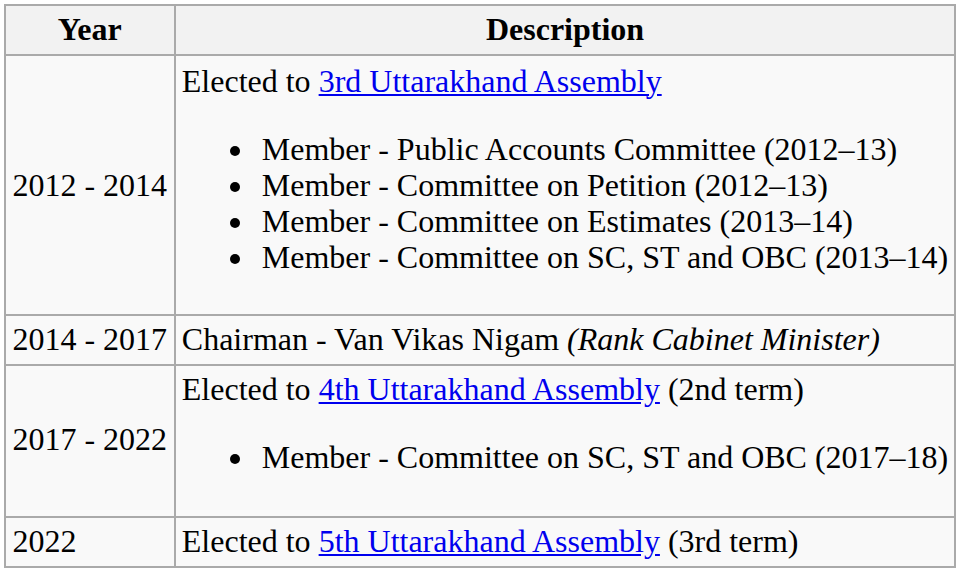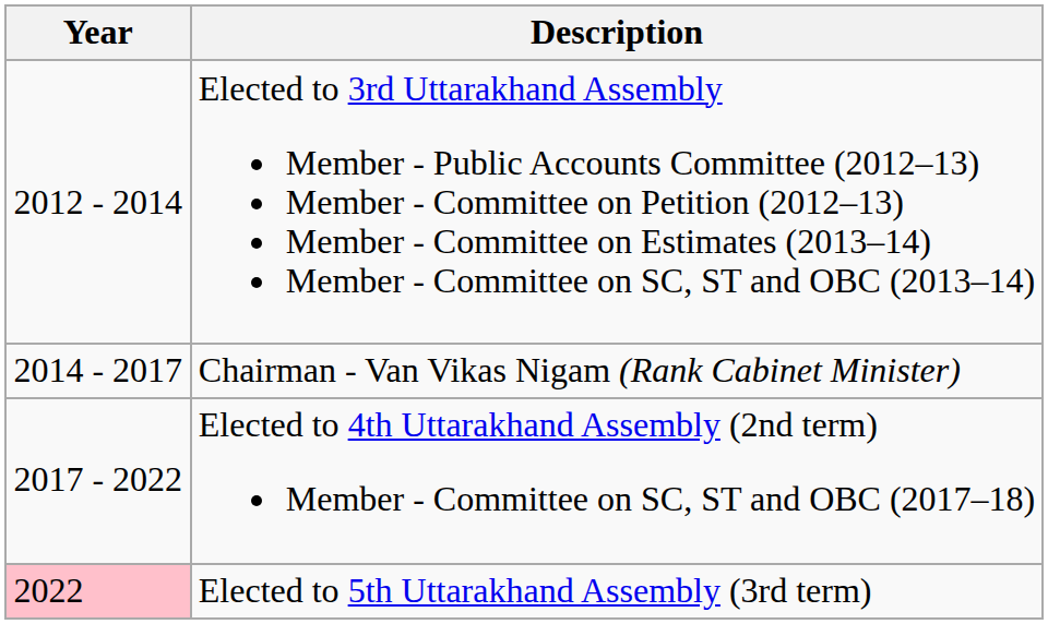 <table class="wikitable">
 <tr>
 <th>Year</th>
 <th>Description</th>
 </tr>
 <tr>
 <td>2012 - 2014</td>
 <td>Elected to <a href='#'>3rd Uttarakhand Assembly</a><br><ul><li>Member - Public Accounts Committee (2012–13)</li><li>Member - Committee on Petition (2012–13)</li><li>Member - Committee on Estimates (2013–14)</li><li>Member - Committee on SC, ST and OBC (2013–14)</li></ul></td>
 </tr>
 <tr>
 <td>2014 - 2017</td>
 <td>Chairman - Van Vikas Nigam <em>(Rank Cabinet Minister)</em></td>
 </tr>
 <tr>
 <td>2017 - 2022</td>
 <td>Elected to <a href='#'>4th Uttarakhand Assembly</a> (2nd term)<br><ul><li>Member - Committee on SC, ST and OBC (2017–18)</li></ul></td>
 </tr>
 <tr>
-<td>2022</td>
+<td style="background: pink;">2022</td>
 <td>Elected to <a href='#'>5th Uttarakhand Assembly</a> (3rd term)</td>
 </tr>
 <tr>
 </tr>
 </table>
